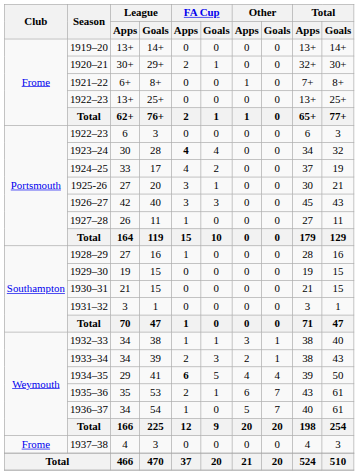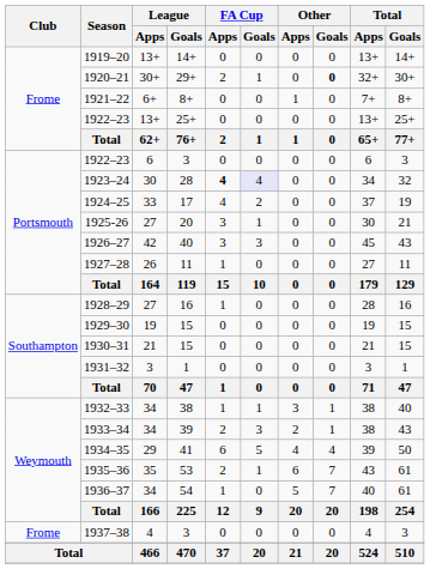 <table class="wikitable" style="font-size:100%; text-align: center;">
 <tr>
 <th rowspan=2>Club</th>
 <th rowspan=2>Season</th>
 <th colspan=2>League</th>
 <th colspan=2><a href='#'>FA Cup</a></th>
 <th colspan=2>Other</th>
 <th colspan=2>Total</th>
 </tr>
 <tr>
 <th>Apps</th>
 <th>Goals</th>
 <th>Apps</th>
 <th>Goals</th>
 <th>Apps</th>
 <th>Goals</th>
 <th>Apps</th>
 <th>Goals</th>
 </tr>
 <tr>
 <td rowspan=5><a href='#'>Frome</a></td>
 <td>1919–20</td>
 <td>13+</td>
 <td>14+</td>
 <td>0</td>
 <td>0</td>
 <td>0</td>
 <td>0</td>
 <td>13+</td>
 <td>14+</td>
 </tr>
 <tr>
 <td>1920–21</td>
 <td>30+</td>
 <td>29+</td>
 <td>2</td>
 <td>1</td>
 <td>0</td>
-<td>0</td>
+<td><strong>0</strong></td>
 <td>32+</td>
 <td>30+</td>
 </tr>
 <tr>
 <td>1921–22</td>
 <td>6+</td>
 <td>8+</td>
 <td>0</td>
 <td>0</td>
 <td>1</td>
 <td>0</td>
 <td>7+</td>
 <td>8+</td>
 </tr>
 <tr>
 <td>1922–23</td>
 <td>13+</td>
 <td>25+</td>
 <td>0</td>
 <td>0</td>
 <td>0</td>
 <td>0</td>
 <td>13+</td>
 <td>25+</td>
 </tr>
 <tr>
 <th>Total</th>
 <th>62+</th>
 <th>76+</th>
 <th>2</th>
 <th>1</th>
 <th>1</th>
 <th>0</th>
 <th>65+</th>
 <th>77+</th>
 </tr>
 <tr>
 <td rowspan=7><a href='#'>Portsmouth</a></td>
 <td>1922–23</td>
 <td>6</td>
 <td>3</td>
 <td>0</td>
 <td>0</td>
 <td>0</td>
 <td>0</td>
 <td>6</td>
 <td>3</td>
 </tr>
 <tr>
 <td>1923–24</td>
 <td>30</td>
 <td>28</td>
 <td><strong>4</strong></td>
-<td>4</td>
+<td style="background: lavender;">4</td>
 <td>0</td>
 <td>0</td>
 <td>34</td>
 <td>32</td>
 </tr>
 <tr>
 <td>1924–25</td>
 <td>33</td>
 <td>17</td>
 <td>4</td>
 <td>2</td>
 <td>0</td>
 <td>0</td>
 <td>37</td>
 <td>19</td>
 </tr>
 <tr>
 <td>1925-26</td>
 <td>27</td>
 <td>20</td>
 <td>3</td>
 <td>1</td>
 <td>0</td>
 <td>0</td>
 <td>30</td>
 <td>21</td>
 </tr>
 <tr>
 <td>1926–27</td>
 <td>42</td>
 <td>40</td>
 <td>3</td>
 <td>3</td>
 <td>0</td>
 <td>0</td>
 <td>45</td>
 <td>43</td>
 </tr>
 <tr>
 <td>1927–28</td>
 <td>26</td>
 <td>11</td>
 <td>1</td>
 <td>0</td>
 <td>0</td>
 <td>0</td>
 <td>27</td>
 <td>11</td>
 </tr>
 <tr>
 <th>Total</th>
 <th>164</th>
 <th>119</th>
 <th>15</th>
 <th>10</th>
 <th>0</th>
 <th>0</th>
 <th>179</th>
 <th>129</th>
 </tr>
 <tr>
 <td rowspan=5><a href='#'>Southampton</a></td>
 <td>1928–29</td>
 <td>27</td>
 <td>16</td>
 <td>1</td>
 <td>0</td>
 <td>0</td>
 <td>0</td>
 <td>28</td>
 <td>16</td>
 </tr>
 <tr>
 <td>1929–30</td>
 <td>19</td>
 <td>15</td>
 <td>0</td>
 <td>0</td>
 <td>0</td>
 <td>0</td>
 <td>19</td>
 <td>15</td>
 </tr>
 <tr>
 <td>1930–31</td>
 <td>21</td>
 <td>15</td>
 <td>0</td>
 <td>0</td>
 <td>0</td>
 <td>0</td>
 <td>21</td>
 <td>15</td>
 </tr>
 <tr>
 <td>1931–32</td>
 <td>3</td>
 <td>1</td>
 <td>0</td>
 <td>0</td>
 <td>0</td>
 <td>0</td>
 <td>3</td>
 <td>1</td>
 </tr>
 <tr>
 <th>Total</th>
 <th>70</th>
 <th>47</th>
 <th>1</th>
 <th>0</th>
 <th>0</th>
 <th>0</th>
 <th>71</th>
 <th>47</th>
 </tr>
 <tr>
 <td rowspan=6><a href='#'>Weymouth</a></td>
 <td>1932–33</td>
 <td>34</td>
 <td>38</td>
 <td>1</td>
 <td>1</td>
 <td>3</td>
 <td>1</td>
 <td>38</td>
 <td>40</td>
 </tr>
 <tr>
 <td>1933–34</td>
 <td>34</td>
 <td>39</td>
 <td>2</td>
 <td>3</td>
 <td>2</td>
 <td>1</td>
 <td>38</td>
 <td>43</td>
 </tr>
 <tr>
 <td>1934–35</td>
 <td>29</td>
 <td>41</td>
-<td><strong>6</strong></td>
+<td>6</td>
 <td>5</td>
 <td>4</td>
 <td>4</td>
 <td>39</td>
 <td>50</td>
 </tr>
 <tr>
 <td>1935–36</td>
 <td>35</td>
 <td>53</td>
 <td>2</td>
 <td>1</td>
 <td>6</td>
 <td>7</td>
 <td>43</td>
 <td>61</td>
 </tr>
 <tr>
 <td>1936–37</td>
 <td>34</td>
 <td>54</td>
 <td>1</td>
 <td>0</td>
 <td>5</td>
 <td>7</td>
 <td>40</td>
 <td>61</td>
 </tr>
 <tr>
 <th>Total</th>
 <th>166</th>
 <th>225</th>
 <th>12</th>
 <th>9</th>
 <th>20</th>
 <th>20</th>
 <th>198</th>
 <th>254</th>
 </tr>
 <tr>
 <td rowspan=1><a href='#'>Frome</a></td>
 <td>1937–38</td>
 <td>4</td>
 <td>3</td>
 <td>0</td>
 <td>0</td>
 <td>0</td>
 <td>0</td>
 <td>4</td>
 <td>3</td>
 </tr>
 <tr>
 </tr>
 <tr>
 <th colspan=2>Total</th>
 <th>466</th>
 <th>470</th>
 <th>37</th>
 <th>20</th>
 <th>21</th>
 <th>20</th>
 <th>524</th>
 <th>510</th>
 </tr>
 <tr>
 </tr>
 </table>
